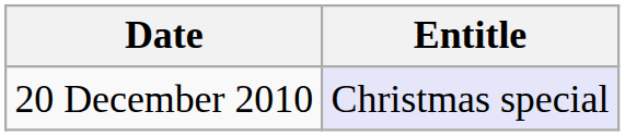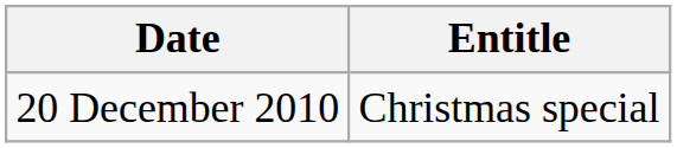 <table class="wikitable" style="text-align:center;">
 <tr>
 <th>Date</th>
 <th>Entitle</th>
 </tr>
 <tr>
 <td>20 December 2010</td>
-<td style="background: lavender;">Christmas special</td>
+<td>Christmas special</td>
 </tr>
 </table>
